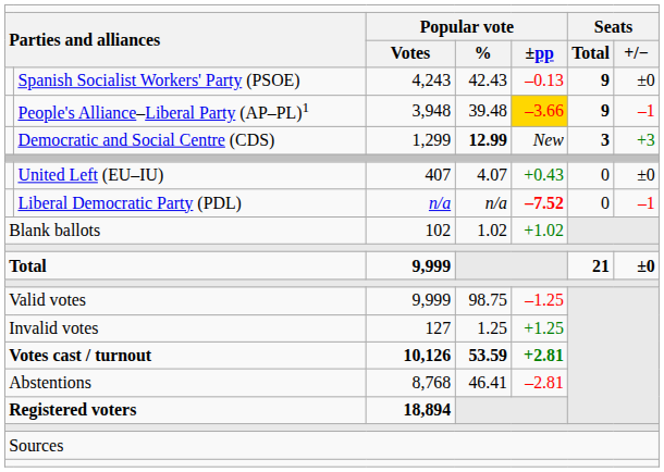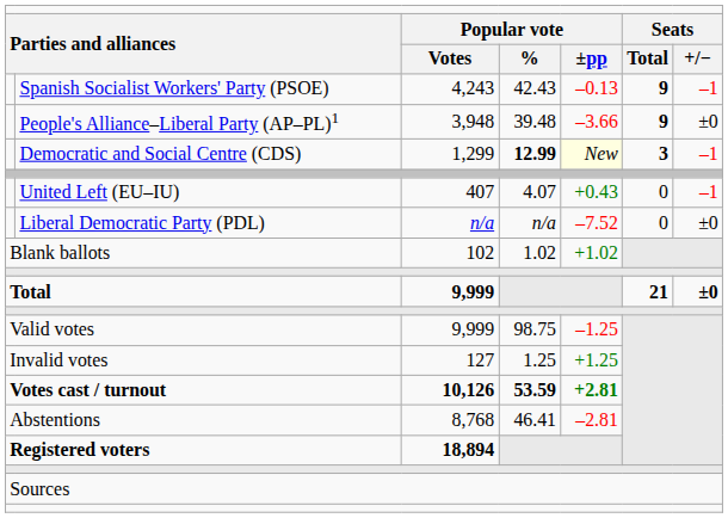 <table class="wikitable" style="text-align:right;">
 <tr>
 <td colspan="7"></td>
 </tr>
 <tr>
 <th style="text-align:left;" rowspan="2" colspan="2" width="525">Parties and alliances</th>
 <th colspan="3">Popular vote</th>
 <th colspan="2">Seats</th>
 </tr>
 <tr>
 <th width="75">Votes</th>
 <th width="45">%</th>
 <th width="45">±<a href='#'>pp</a></th>
 <th width="35">Total</th>
 <th width="35">+/−</th>
 </tr>
 <tr>
 <td width="1" style="color:inherit;background:"></td>
 <td align="left"><a href='#'>Spanish Socialist Workers' Party</a> (PSOE)</td>
 <td>4,243</td>
 <td>42.43</td>
 <td style="color:red;">–0.13</td>
 <td><strong>9</strong></td>
-<td>±0</td>
+<td style="color:red;">–1</td>
 </tr>
 <tr>
 <td style="color:inherit;background:"></td>
 <td align="left"><a href='#'>People's Alliance</a>–<a href='#'>Liberal Party</a> (AP–PL)<sup>1</sup></td>
 <td>3,948</td>
 <td>39.48</td>
-<td style="background: gold; color:red;">–3.66</td>
+<td style="color:red;">–3.66</td>
 <td><strong>9</strong></td>
-<td style="color:red;">–1</td>
+<td>±0</td>
 </tr>
 <tr>
 <td style="color:inherit;background:"></td>
 <td align="left"><a href='#'>Democratic and Social Centre</a> (CDS)</td>
 <td>1,299</td>
 <td><strong>12.99</strong></td>
-<td><em>New</em></td>
+<td style="background: lightyellow;"><em>New</em></td>
 <td><strong>3</strong></td>
-<td style="color:green;">+3</td>
+<td style="color:red;">–1</td>
 </tr>
 <tr>
 <td colspan="7" bgcolor="#C0C0C0"></td>
 </tr>
 <tr>
 <td style="color:inherit;background:"></td>
 <td align="left"><a href='#'>United Left</a> (EU–IU)</td>
 <td>407</td>
 <td>4.07</td>
 <td style="color:green;">+0.43</td>
 <td>0</td>
-<td>±0</td>
+<td style="color:red;">–1</td>
 </tr>
 <tr>
 <td style="color:inherit;background:"></td>
 <td align="left"><a href='#'>Liberal Democratic Party</a> (PDL)</td>
 <td><em><a href='#'>n/a</a></em></td>
 <td><em>n/a</em></td>
-<td style="color:red;"><strong>–7.52</strong></td>
+<td style="color:red;">–7.52</td>
 <td>0</td>
-<td style="color:red;">–1</td>
+<td>±0</td>
 </tr>
 <tr>
 <td align="left" colspan="2">Blank ballots</td>
 <td>102</td>
 <td>1.02</td>
 <td style="color:green;">+1.02</td>
 <td bgcolor="#E9E9E9" colspan="2"></td>
 </tr>
 <tr>
 <td colspan="7" bgcolor="#E9E9E9"></td>
 </tr>
 <tr style="font-weight:bold;">
 <td align="left" colspan="2">Total</td>
 <td>9,999</td>
 <td bgcolor="#E9E9E9" colspan="2"></td>
 <td>21</td>
 <td>±0</td>
 </tr>
 <tr>
 <td colspan="7" bgcolor="#E9E9E9"></td>
 </tr>
 <tr>
 <td align="left" colspan="2">Valid votes</td>
 <td>9,999</td>
 <td>98.75</td>
 <td style="color:red;">–1.25</td>
 <td bgcolor="#E9E9E9" colspan="2" rowspan="5"></td>
 </tr>
 <tr>
 <td align="left" colspan="2">Invalid votes</td>
 <td>127</td>
 <td>1.25</td>
 <td style="color:green;">+1.25</td>
 </tr>
 <tr style="font-weight:bold;">
 <td align="left" colspan="2">Votes cast / turnout</td>
 <td>10,126</td>
 <td>53.59</td>
 <td style="color:green;">+2.81</td>
 </tr>
 <tr>
 <td align="left" colspan="2">Abstentions</td>
 <td>8,768</td>
 <td>46.41</td>
 <td style="color:red;">–2.81</td>
 </tr>
 <tr style="font-weight:bold;">
 <td align="left" colspan="2">Registered voters</td>
 <td>18,894</td>
 <td bgcolor="#E9E9E9" colspan="2"></td>
 </tr>
 <tr>
 <td colspan="7" bgcolor="#E9E9E9"></td>
 </tr>
 <tr>
 <td align="left" colspan="7">Sources</td>
 </tr>
 <tr>
 <td colspan="7" style="text-align:left; max-width:790px;"></td>
 </tr>
 </table>
